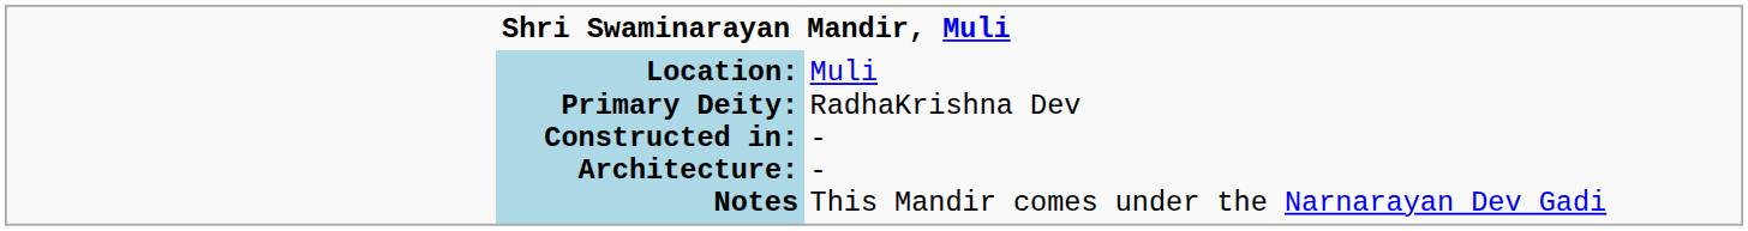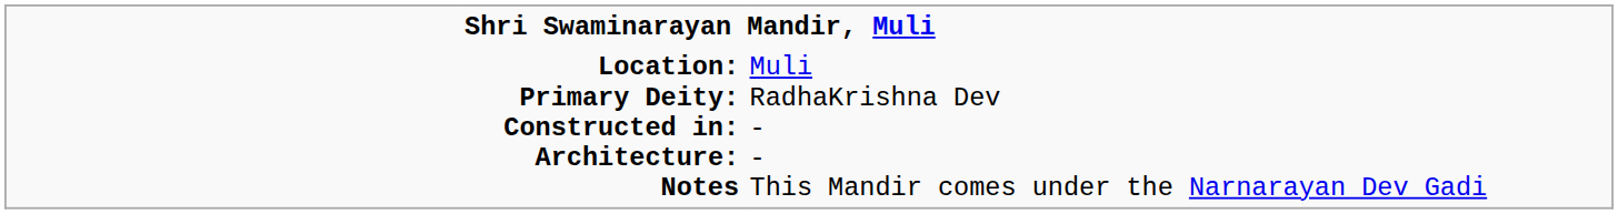 <table class="wikitable plain" border="0" width="800">
 <tr>
 <td width="220px" rowspan="2" style="border:none;"></td>
 <td valign="top" colspan=2 style="border:none;"><strong>Shri Swaminarayan Mandir, <a href='#'>Muli</a></strong></td>
 </tr>
 <tr>
-<td valign="top" style="background: lightblue; text-align:right; border:none;"><strong>Location:</strong> <br><strong>Primary Deity:</strong><br><strong>Constructed in:</strong><br><strong>Architecture:</strong><br><strong>Notes</strong></td>
+<td valign="top" style="text-align:right; border:none;"><strong>Location:</strong> <br><strong>Primary Deity:</strong><br><strong>Constructed in:</strong><br><strong>Architecture:</strong><br><strong>Notes</strong></td>
 <td valign="top" style="border:none;"><a href='#'>Muli</a> <br>RadhaKrishna Dev  <br>- <br>- <br>This Mandir comes under the <a href='#'>Narnarayan Dev Gadi</a></td>
 </tr>
 </table>
